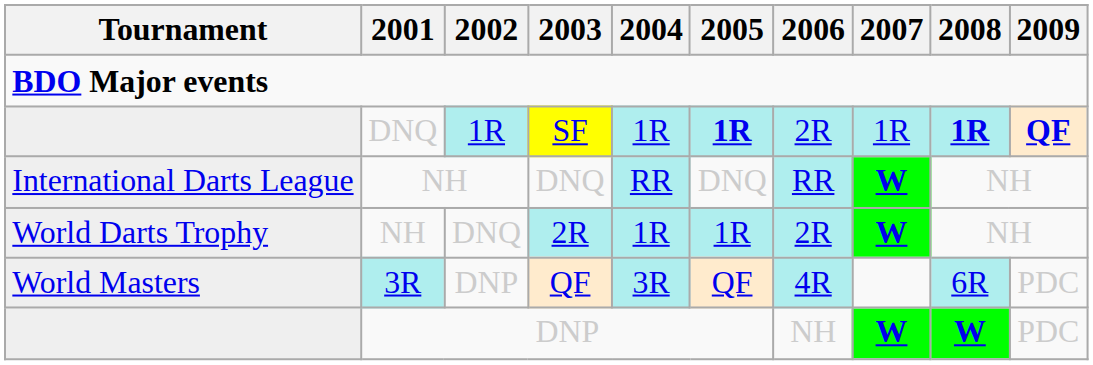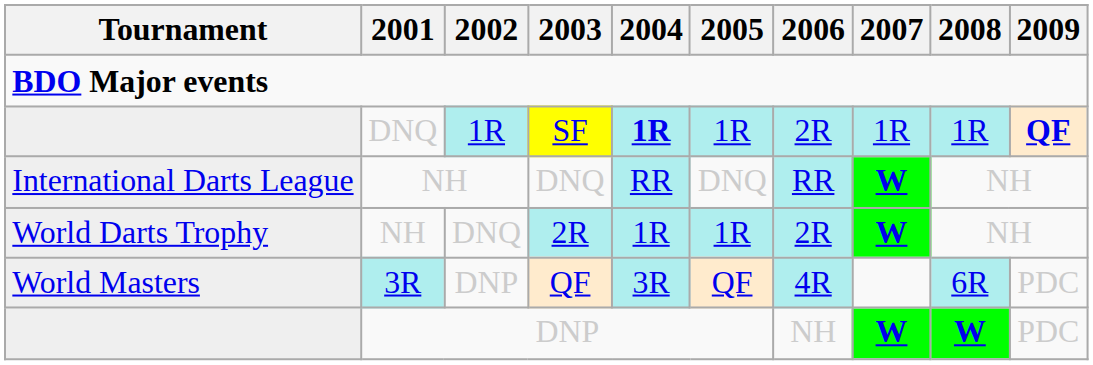 <table class="wikitable">
 <tr>
 <th>Tournament</th>
 <th>2001</th>
 <th>2002</th>
 <th>2003</th>
 <th>2004</th>
 <th>2005</th>
 <th>2006</th>
 <th>2007</th>
 <th>2008</th>
 <th>2009</th>
 </tr>
 <tr>
 <td colspan="25" align="left"><strong><a href='#'>BDO</a> Major events</strong></td>
 </tr>
 <tr>
 <td style="background:#efefef;"></td>
 <td style="text-align:center; color:#ccc;">DNQ</td>
 <td style="text-align:center; background:#afeeee;"><a href='#'>1R</a></td>
 <td style="text-align:center; background:yellow;"><a href='#'>SF</a></td>
+<td style="text-align:center; background:#afeeee;"><strong><a href='#'>1R</a></strong></td>
 <td style="text-align:center; background:#afeeee;"><a href='#'>1R</a></td>
-<td style="text-align:center; background:#afeeee;"><strong><a href='#'>1R</a></strong></td>
 <td style="text-align:center; background:#afeeee;"><a href='#'>2R</a></td>
 <td style="text-align:center; background:#afeeee;"><a href='#'>1R</a></td>
-<td style="text-align:center; background:#afeeee;"><strong><a href='#'>1R</a></strong></td>
+<td style="text-align:center; background:#afeeee;"><a href='#'>1R</a></td>
 <td style="text-align:center; background:#ffebcd;"><strong><a href='#'>QF</a></strong></td>
 </tr>
 <tr>
 <td style="background:#efefef;"><a href='#'>International Darts League</a></td>
 <td colspan="2" style="text-align:center; color:#ccc;">NH</td>
 <td style="text-align:center; color:#ccc;">DNQ</td>
 <td style="text-align:center; background:#afeeee;"><a href='#'>RR</a></td>
 <td style="text-align:center; color:#ccc;">DNQ</td>
 <td style="text-align:center; background:#afeeee;"><a href='#'>RR</a></td>
 <td style="text-align:center; background:lime;"><strong><a href='#'>W</a></strong></td>
 <td colspan="2" style="text-align:center; color:#ccc;">NH</td>
 </tr>
 <tr>
 <td style="background:#efefef;"><a href='#'>World Darts Trophy</a></td>
 <td style="text-align:center; color:#ccc;">NH</td>
 <td style="text-align:center; color:#ccc;">DNQ</td>
 <td style="text-align:center; background:#afeeee;"><a href='#'>2R</a></td>
 <td style="text-align:center; background:#afeeee;"><a href='#'>1R</a></td>
 <td style="text-align:center; background:#afeeee;"><a href='#'>1R</a></td>
 <td style="text-align:center; background:#afeeee;"><a href='#'>2R</a></td>
 <td style="text-align:center; background:lime;"><strong><a href='#'>W</a></strong></td>
 <td colspan="2" style="text-align:center; color:#ccc;">NH</td>
 </tr>
 <tr>
 <td style="background:#efefef;"><a href='#'>World Masters</a></td>
 <td style="text-align:center; background:#afeeee;"><a href='#'>3R</a></td>
 <td style="text-align:center; color:#ccc;">DNP</td>
 <td style="text-align:center; background:#ffebcd;"><a href='#'>QF</a></td>
 <td style="text-align:center; background:#afeeee;"><a href='#'>3R</a></td>
 <td style="text-align:center; background:#ffebcd;"><a href='#'>QF</a></td>
 <td style="text-align:center; background:#afeeee;"><a href='#'>4R</a></td>
 <td style="text-align:center;"></td>
 <td style="text-align:center; background:#afeeee;"><a href='#'>6R</a></td>
 <td style="text-align:center; color:#ccc;">PDC</td>
 </tr>
 <tr>
 <td style="background:#efefef;"></td>
 <td colspan="5" style="text-align:center; color:#ccc;">DNP</td>
 <td style="text-align:center; color:#ccc;">NH</td>
 <td style="text-align:center; background:lime;"><strong><a href='#'>W</a></strong></td>
 <td style="text-align:center; background:lime;"><strong><a href='#'>W</a></strong></td>
 <td style="text-align:center; color:#ccc;">PDC</td>
 </tr>
 </table>
